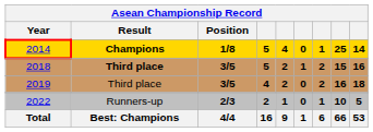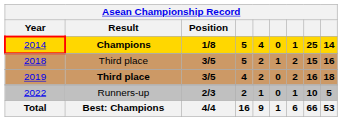 <table class="wikitable" style="text-align:center;">
 <tr>
 <th colspan=10><a href='#'>Asean Championship Record</a></th>
 </tr>
 <tr>
 <th width="90">Year</th>
 <th width="180">Result</th>
 <th width="80">Position</th>
 <th width="20"></th>
 <th width="20"></th>
 <th width="20"></th>
 <th width="20"></th>
 <th width="20"></th>
 <th width="20"></th>
 </tr>
 <tr style="background:gold;">
 <td style="border: 3px solid red"> <a href='#'>2014</a></td>
 <td><strong>Champions</strong></td>
 <td><strong>1/8</strong></td>
 <td><strong>5</strong></td>
 <td><strong>4</strong></td>
 <td><strong>0</strong></td>
 <td><strong>1</strong></td>
 <td><strong>25</strong></td>
 <td><strong>14</strong></td>
 </tr>
 <tr>
 </tr>
 <tr style="background:#cc9966;">
 <td> <a href='#'>2018</a></td>
-<td><strong>Third place</strong></td>
+<td>Third place</td>
 <td><strong>3/5</strong></td>
 <td><strong>5</strong></td>
 <td><strong>2</strong></td>
 <td><strong>1</strong></td>
 <td><strong>2</strong></td>
 <td><strong>15</strong></td>
 <td><strong>16</strong></td>
 </tr>
 <tr>
 </tr>
 <tr style="background:#cc9966;">
 <td> <a href='#'>2019</a></td>
-<td>Third place</td>
+<td><strong>Third place</strong></td>
 <td><strong>3/5</strong></td>
 <td><strong>4</strong></td>
 <td><strong>2</strong></td>
 <td><strong>0</strong></td>
 <td><strong>2</strong></td>
 <td><strong>16</strong></td>
 <td><strong>18</strong></td>
 </tr>
 <tr>
 </tr>
 <tr style="background:silver;">
 <td> <a href='#'>2022</a></td>
 <td>Runners-up</td>
 <td><strong>2/3</strong></td>
 <td><strong>2</strong></td>
 <td><strong>1</strong></td>
 <td><strong>0</strong></td>
 <td><strong>1</strong></td>
 <td><strong>10</strong></td>
 <td><strong>5</strong></td>
 </tr>
 <tr>
 <th><strong>Total</strong></th>
 <th><strong>Best: Champions</strong></th>
 <th><strong>4/4</strong></th>
 <th><strong>16</strong></th>
 <th>9</th>
 <th><strong>1</strong></th>
 <th>6</th>
 <th><strong>66</strong></th>
 <th>53</th>
 </tr>
 </table>
